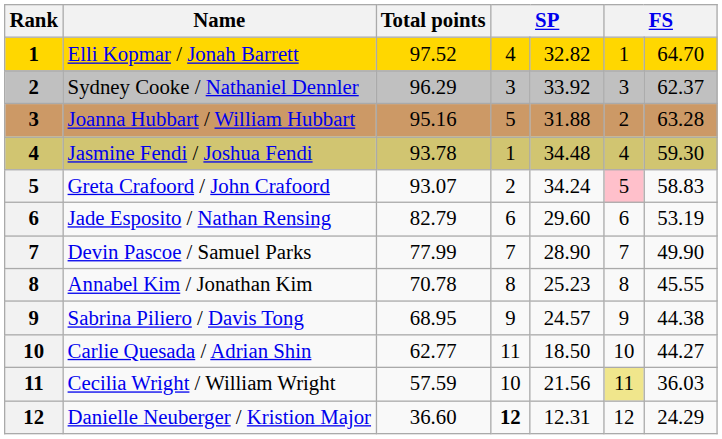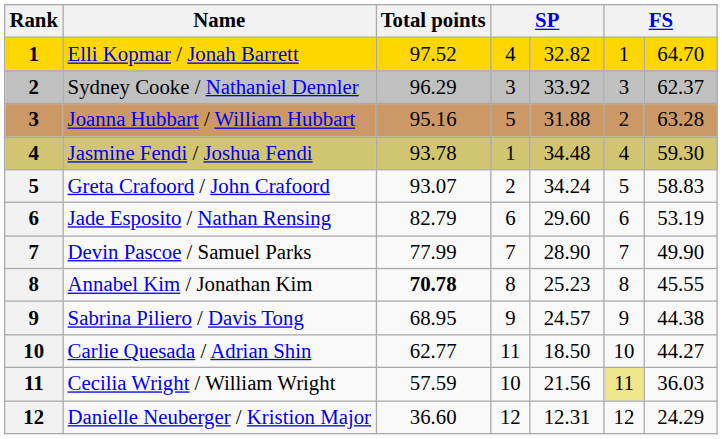 <table class="wikitable sortable">
 <tr>
 <th>Rank</th>
 <th>Name</th>
 <th>Total points</th>
 <th colspan="2" width="80px"><a href='#'>SP</a></th>
 <th colspan="2" width="80px"><a href='#'>FS</a></th>
 </tr>
 <tr bgcolor="gold">
 <td align="center"><strong>1</strong></td>
 <td><a href='#'>Elli Kopmar</a> / <a href='#'>Jonah Barrett</a></td>
 <td align="center">97.52</td>
 <td align="center">4</td>
 <td align="center">32.82</td>
 <td align="center">1</td>
 <td align="center">64.70</td>
 </tr>
 <tr bgcolor="silver">
 <td align="center"><strong>2</strong></td>
 <td>Sydney Cooke / <a href='#'>Nathaniel Dennler</a></td>
 <td align="center">96.29</td>
 <td align="center">3</td>
 <td align="center">33.92</td>
 <td align="center">3</td>
 <td align="center">62.37</td>
 </tr>
 <tr bgcolor="cc9966">
 <td align="center"><strong>3</strong></td>
 <td><a href='#'>Joanna Hubbart</a> / <a href='#'>William Hubbart</a></td>
 <td align="center">95.16</td>
 <td align="center">5</td>
 <td align="center">31.88</td>
 <td align="center">2</td>
 <td align="center">63.28</td>
 </tr>
 <tr bgcolor="#d1c571">
 <td align="center"><strong>4</strong></td>
 <td><a href='#'>Jasmine Fendi</a> / <a href='#'>Joshua Fendi</a></td>
 <td align="center">93.78</td>
 <td align="center">1</td>
 <td align="center">34.48</td>
 <td align="center">4</td>
 <td align="center">59.30</td>
 </tr>
 <tr>
 <th>5</th>
 <td><a href='#'>Greta Crafoord</a> / <a href='#'>John Crafoord</a></td>
 <td align="center">93.07</td>
 <td align="center">2</td>
 <td align="center">34.24</td>
-<td align="center" style="background: pink;">5</td>
+<td align="center">5</td>
 <td align="center">58.83</td>
 </tr>
 <tr>
 <th>6</th>
 <td><a href='#'>Jade Esposito</a> / <a href='#'>Nathan Rensing</a></td>
 <td align="center">82.79</td>
 <td align="center">6</td>
 <td align="center">29.60</td>
 <td align="center">6</td>
 <td align="center">53.19</td>
 </tr>
 <tr>
 <th>7</th>
 <td><a href='#'>Devin Pascoe</a> / Samuel Parks</td>
 <td align="center">77.99</td>
 <td align="center">7</td>
 <td align="center">28.90</td>
 <td align="center">7</td>
 <td align="center">49.90</td>
 </tr>
 <tr>
 <th>8</th>
 <td><a href='#'>Annabel Kim</a> / Jonathan Kim</td>
-<td align="center">70.78</td>
+<td align="center"><strong>70.78</strong></td>
 <td align="center">8</td>
 <td align="center">25.23</td>
 <td align="center">8</td>
 <td align="center">45.55</td>
 </tr>
 <tr>
 <th>9</th>
 <td><a href='#'>Sabrina Piliero</a> / <a href='#'>Davis Tong</a></td>
 <td align="center">68.95</td>
 <td align="center">9</td>
 <td align="center">24.57</td>
 <td align="center">9</td>
 <td align="center">44.38</td>
 </tr>
 <tr>
 <th>10</th>
 <td><a href='#'>Carlie Quesada</a> / <a href='#'>Adrian Shin</a></td>
 <td align="center">62.77</td>
 <td align="center">11</td>
 <td align="center">18.50</td>
 <td align="center">10</td>
 <td align="center">44.27</td>
 </tr>
 <tr>
 <th>11</th>
 <td><a href='#'>Cecilia Wright</a> / William Wright</td>
 <td align="center">57.59</td>
 <td align="center">10</td>
 <td align="center">21.56</td>
 <td align="center" style="background: khaki;">11</td>
 <td align="center">36.03</td>
 </tr>
 <tr>
 <th>12</th>
 <td><a href='#'>Danielle Neuberger</a> / <a href='#'>Kristion Major</a></td>
 <td align="center">36.60</td>
-<td align="center"><strong>12</strong></td>
+<td align="center">12</td>
 <td align="center">12.31</td>
 <td align="center">12</td>
 <td align="center">24.29</td>
 </tr>
 </table>
